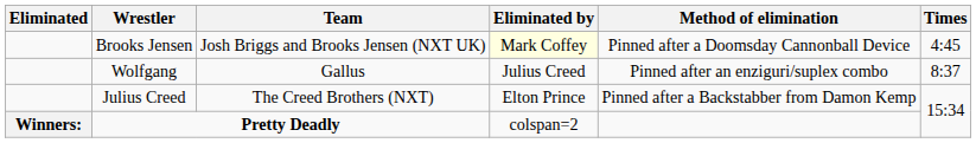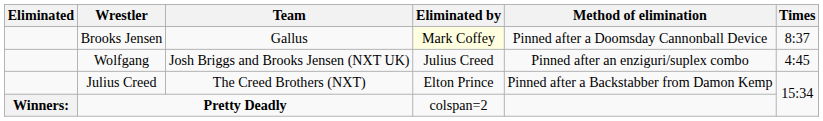 <table class="wikitable sortable" style="text-align:center;">
 <tr>
 <th>Eliminated</th>
 <th>Wrestler</th>
 <th>Team</th>
 <th>Eliminated by</th>
 <th>Method of elimination</th>
 <th>Times</th>
 </tr>
 <tr>
 <td></td>
 <td>Brooks Jensen</td>
-<td>Josh Briggs and Brooks Jensen (NXT UK)</td>
+<td>Gallus</td>
 <td style="background: lightyellow;">Mark Coffey</td>
 <td>Pinned after a Doomsday Cannonball Device</td>
-<td>4:45</td>
+<td>8:37</td>
 </tr>
 <tr>
 <td></td>
 <td>Wolfgang</td>
-<td>Gallus</td>
+<td>Josh Briggs and Brooks Jensen (NXT UK)</td>
 <td>Julius Creed</td>
 <td>Pinned after an enziguri/suplex combo</td>
-<td>8:37</td>
+<td>4:45</td>
 </tr>
 <tr>
 <td></td>
 <td>Julius Creed</td>
 <td>The Creed Brothers (NXT)</td>
 <td>Elton Prince</td>
 <td>Pinned after a Backstabber from Damon Kemp</td>
 <td rowspan=2>15:34</td>
 </tr>
 <tr>
 <th><strong>Winners:</strong></th>
 <td colspan=2 align=center><strong>Pretty Deadly</strong></td>
 <td>colspan=2 </td>
 </tr>
 </table>
